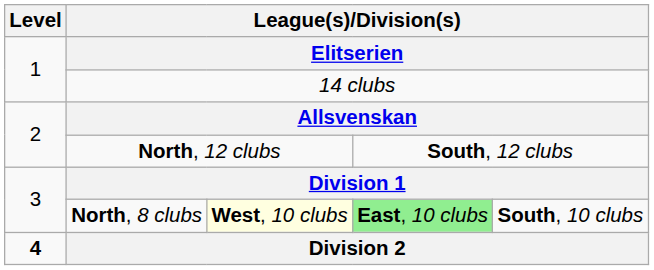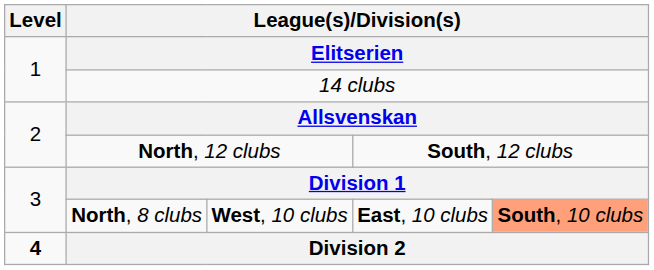 <table class="wikitable" style="text-align: center;">
 <tr>
 <th>Level</th>
 <th colspan=4>League(s)/Division(s)</th>
 </tr>
 <tr>
 <td rowspan=2>1</td>
 <th colspan=4><a href='#'>Elitserien</a></th>
 </tr>
 <tr>
 <td colspan=4><em>14 clubs</em></td>
 </tr>
 <tr>
 <td rowspan=2>2</td>
 <th colspan=4><a href='#'>Allsvenskan</a></th>
 </tr>
 <tr>
 <td colspan=2><strong>North</strong>, <em>12 clubs</em></td>
 <td colspan=2><strong>South</strong>, <em>12 clubs</em></td>
 </tr>
 <tr>
 <td rowspan=2>3</td>
 <th colspan=4><a href='#'>Division 1</a></th>
 </tr>
 <tr>
 <td><strong>North</strong>, <em>8 clubs</em></td>
-<td style="background: lightyellow;"><strong>West</strong>, <em>10 clubs</em></td>
-<td style="background: lightgreen;"><strong>East</strong>, <em>10 clubs</em></td>
-<td><strong>South</strong>, <em>10 clubs</em></td>
+<td><strong>West</strong>, <em>10 clubs</em></td>
+<td><strong>East</strong>, <em>10 clubs</em></td>
+<td style="background: lightsalmon;"><strong>South</strong>, <em>10 clubs</em></td>
 </tr>
 <tr>
 <td><strong>4</strong></td>
 <th colspan=4>Division 2</th>
 </tr>
 </table>
